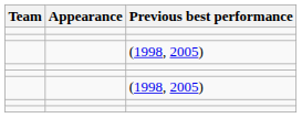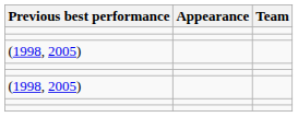 <table class="wikitable sortable" style="text-align: left;">
 <tr>
+<th>Previous best performance</th>
+<th>Appearance</th>
 <th>Team</th>
-<th>Appearance</th>
-<th>Previous best performance</th>
 </tr>
 <tr>
 <td></td>
 <td></td>
 <td></td>
 </tr>
 <tr>
 <td></td>
 <td></td>
 <td></td>
 </tr>
 <tr>
+<td> (<a href='#'>1998</a>, <a href='#'>2005</a>)</td>
+<td></td>
 <td> <em></em></td>
-<td></td>
-<td> (<a href='#'>1998</a>, <a href='#'>2005</a>)</td>
 </tr>
 <tr>
 <td></td>
 <td></td>
 <td></td>
 </tr>
 <tr>
 <td></td>
 <td></td>
 <td></td>
 </tr>
 <tr>
+<td> (<a href='#'>1998</a>, <a href='#'>2005</a>)</td>
 <td></td>
 <td></td>
-<td> (<a href='#'>1998</a>, <a href='#'>2005</a>)</td>
 </tr>
 <tr>
 <td></td>
 <td></td>
 <td></td>
 </tr>
 <tr>
 <td></td>
 <td></td>
 <td></td>
 </tr>
 </table>
